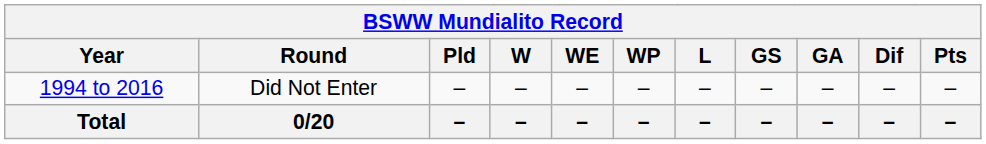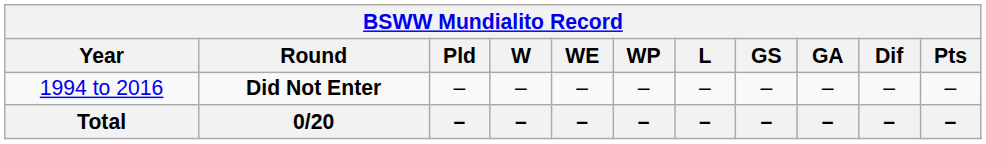 <table class="wikitable" style="text-align: center;font-size:90%;">
 <tr>
 <th colspan=11><a href='#'>BSWW Mundialito Record</a></th>
 </tr>
 <tr>
 <th width=125>Year</th>
 <th width=150>Round</th>
 <th width=35>Pld</th>
 <th width=35>W</th>
 <th width=35>WE</th>
 <th width=35>WP</th>
 <th width=35>L</th>
 <th width=35>GS</th>
 <th width=35>GA</th>
 <th width=35>Dif</th>
 <th width=35>Pts</th>
 </tr>
 <tr>
 <td> <a href='#'>1994 to 2016</a></td>
-<td>Did Not Enter</td>
+<td><strong>Did Not Enter</strong></td>
 <td>–</td>
 <td>–</td>
 <td>–</td>
 <td>–</td>
 <td>–</td>
 <td>–</td>
 <td>–</td>
 <td>–</td>
 <td>–</td>
 </tr>
 <tr>
 <th><strong>Total</strong></th>
 <th>0/20</th>
 <th>–</th>
 <th>–</th>
 <th>–</th>
 <th>–</th>
 <th>–</th>
 <th>–</th>
 <th>–</th>
 <th>–</th>
 <th>–</th>
 </tr>
 </table>
